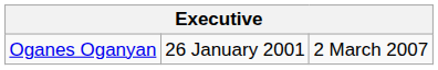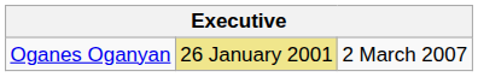 <table class="wikitable sortable">
 <tr>
 <th colspan=3>Executive</th>
 </tr>
 <tr>
 <td><a href='#'>Oganes Oganyan</a></td>
-<td>26 January 2001</td>
+<td style="background: khaki;">26 January 2001</td>
 <td>2 March 2007</td>
 </tr>
 </table>
